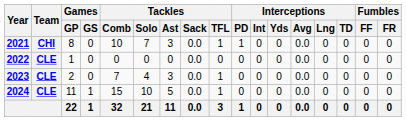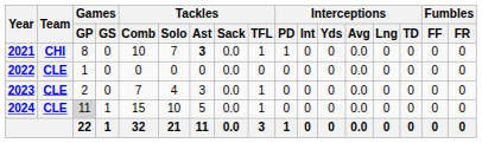 <table class="wikitable" style="text-align:center;">
 <tr>
 <th rowspan="2">Year</th>
 <th rowspan="2">Team</th>
 <th colspan="2">Games</th>
 <th colspan="5">Tackles</th>
 <th colspan="6">Interceptions</th>
 <th colspan="2">Fumbles</th>
 </tr>
 <tr>
 <th>GP</th>
 <th>GS</th>
 <th>Comb</th>
 <th>Solo</th>
 <th>Ast</th>
 <th>Sack</th>
 <th>TFL</th>
 <th>PD</th>
 <th>Int</th>
 <th>Yds</th>
 <th>Avg</th>
 <th>Lng</th>
 <th>TD</th>
 <th>FF</th>
 <th>FR</th>
 </tr>
 <tr>
 <th><a href='#'>2021</a></th>
 <th><a href='#'>CHI</a></th>
 <td>8</td>
 <td>0</td>
 <td>10</td>
 <td>7</td>
-<td>3</td>
+<td><strong>3</strong></td>
 <td>0.0</td>
 <td>1</td>
 <td>1</td>
 <td>0</td>
 <td>0</td>
 <td>0.0</td>
 <td>0</td>
 <td>0</td>
 <td>0</td>
 <td>0</td>
 </tr>
 <tr>
 <th><a href='#'>2022</a></th>
 <th><a href='#'>CLE</a></th>
 <td>1</td>
 <td>0</td>
 <td>0</td>
 <td>0</td>
 <td>0</td>
 <td>0.0</td>
 <td>0</td>
 <td>0</td>
 <td>0</td>
 <td>0</td>
 <td>0.0</td>
 <td>0</td>
 <td>0</td>
 <td>0</td>
 <td>0</td>
 </tr>
 <tr>
 <th><a href='#'>2023</a></th>
 <th><a href='#'>CLE</a></th>
 <td>2</td>
 <td>0</td>
 <td>7</td>
 <td>4</td>
 <td>3</td>
 <td>0.0</td>
 <td>1</td>
 <td>0</td>
 <td>0</td>
 <td>0</td>
 <td>0.0</td>
 <td>0</td>
 <td>0</td>
 <td>0</td>
 <td>0</td>
 </tr>
 <tr>
 <th><a href='#'>2024</a></th>
 <th><a href='#'>CLE</a></th>
-<td>11</td>
+<td style="background: lightgrey;">11</td>
 <td>1</td>
 <td>15</td>
 <td>10</td>
 <td>5</td>
 <td>0.0</td>
 <td>1</td>
 <td>0</td>
 <td>0</td>
 <td>0</td>
 <td>0.0</td>
 <td>0</td>
 <td>0</td>
 <td>0</td>
 <td>0</td>
 </tr>
 <tr>
 <th colspan="2"></th>
 <th>22</th>
 <th>1</th>
 <th>32</th>
 <th>21</th>
 <th>11</th>
 <th>0.0</th>
 <th>3</th>
 <th>1</th>
 <th>0</th>
 <th>0</th>
 <th>0.0</th>
 <th>0</th>
 <th>0</th>
 <th>0</th>
 <th>0</th>
 </tr>
 </table>
